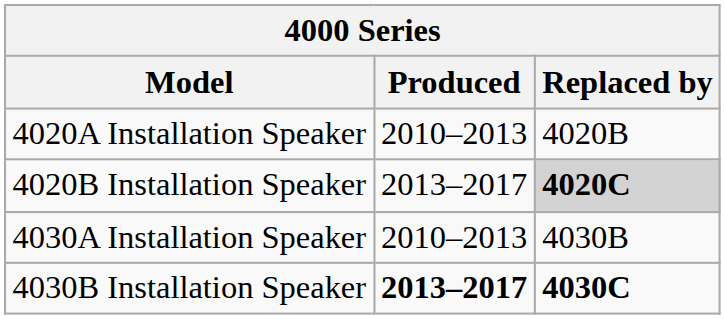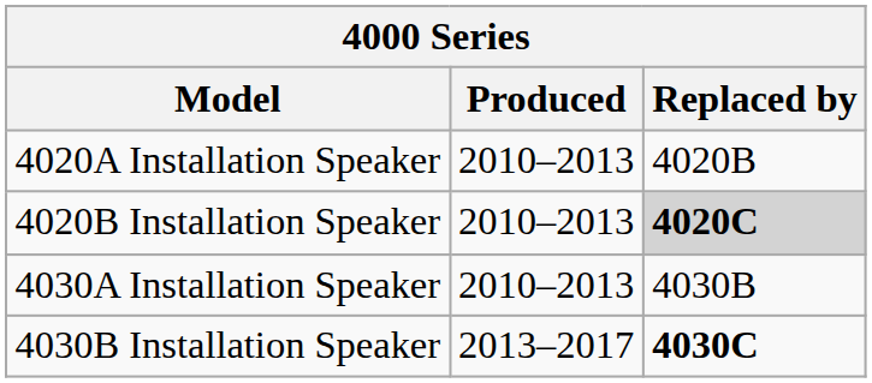 <table class="wikitable sortable mw-collapsible mw-collapsed" style="display: inline-table; margin-top: 0px; margin-bottom: 0px; margin-left: 0px; margin-right: 2.5px;">
 <tr>
 <th colspan="3">4000 Series</th>
 </tr>
 <tr>
 <th>Model</th>
 <th>Produced</th>
 <th>Replaced by</th>
 </tr>
 <tr>
 <td>4020A Installation Speaker</td>
 <td style="text-align: center;">2010–2013</td>
 <td>4020B</td>
 </tr>
 <tr>
 <td>4020B Installation Speaker</td>
-<td style="text-align: center;">2013–2017</td>
+<td style="text-align: center;">2010–2013</td>
 <td style="background: lightgrey;"><strong>4020C</strong></td>
 </tr>
 <tr>
 <td>4030A Installation Speaker</td>
 <td style="text-align: center;">2010–2013</td>
 <td>4030B</td>
 </tr>
 <tr>
 <td>4030B Installation Speaker</td>
-<td style="text-align: center;"><strong>2013–2017</strong></td>
+<td style="text-align: center;">2013–2017</td>
 <td><strong>4030C</strong></td>
 </tr>
 </table>
